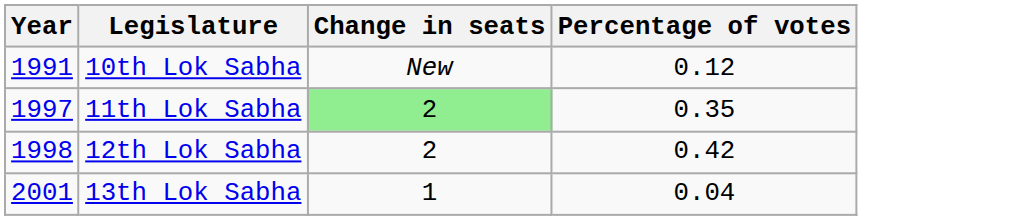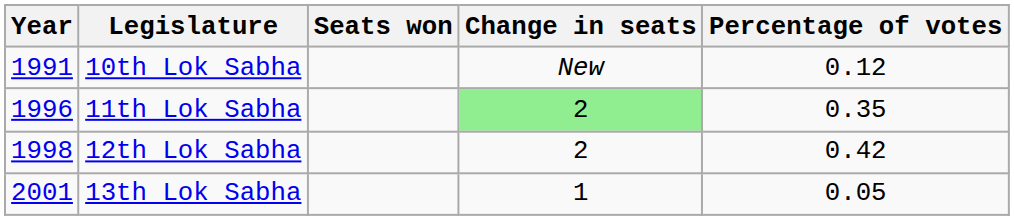 <table class="wikitable" style="text-align:center">
 <tr>
 <th Style="background-color:">Year</th>
 <th Style="background-color:">Legislature</th>
+<th Style="background-color:">Seats won</th>
 <th Style="background-color:">Change in seats</th>
 <th Style="background-color:">Percentage of votes</th>
 </tr>
 <tr>
 <td><a href='#'>1991</a></td>
 <td><a href='#'>10th Lok Sabha</a></td>
+<td></td>
 <td><em>New</em></td>
 <td>0.12</td>
 </tr>
 <tr>
-<td><a href='#'>1997</a></td>
+<td><a href='#'>1996</a></td>
 <td><a href='#'>11th Lok Sabha</a></td>
+<td></td>
 <td style="background: lightgreen;"> 2</td>
 <td>0.35</td>
 </tr>
 <tr>
 <td><a href='#'>1998</a></td>
 <td><a href='#'>12th Lok Sabha</a></td>
+<td></td>
 <td> 2</td>
 <td>0.42</td>
 </tr>
 <tr>
 <td><a href='#'>2001</a></td>
 <td><a href='#'>13th Lok Sabha</a></td>
+<td></td>
 <td> 1</td>
-<td>0.04</td>
+<td>0.05</td>
 </tr>
 </table>
